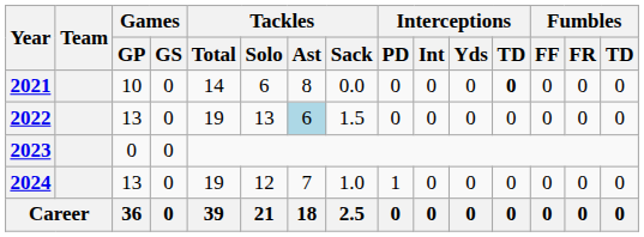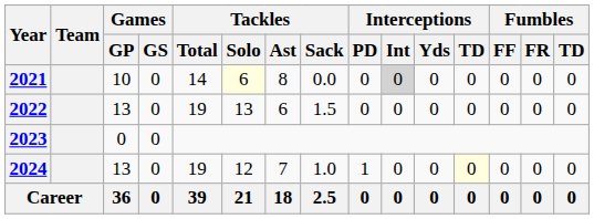 <table class="wikitable" style="text-align:center;">
 <tr>
 <th rowspan="2">Year</th>
 <th rowspan="2">Team</th>
 <th colspan="2">Games</th>
 <th colspan="4">Tackles</th>
 <th colspan="4">Interceptions</th>
 <th colspan="3">Fumbles</th>
 </tr>
 <tr>
 <th>GP</th>
 <th>GS</th>
 <th>Total</th>
 <th>Solo</th>
 <th>Ast</th>
 <th>Sack</th>
 <th>PD</th>
 <th>Int</th>
 <th>Yds</th>
 <th>TD</th>
 <th>FF</th>
 <th>FR</th>
 <th>TD</th>
 </tr>
 <tr>
 <th><a href='#'>2021</a></th>
 <th><a href='#'></a></th>
 <td>10</td>
 <td>0</td>
 <td>14</td>
-<td>6</td>
+<td style="background: lightyellow;">6</td>
 <td>8</td>
 <td>0.0</td>
 <td>0</td>
+<td style="background: lightgrey;">0</td>
 <td>0</td>
 <td>0</td>
-<td><strong>0</strong></td>
 <td>0</td>
 <td>0</td>
 <td>0</td>
 </tr>
 <tr>
 <th><a href='#'>2022</a></th>
 <th><a href='#'></a></th>
 <td>13</td>
 <td>0</td>
 <td>19</td>
 <td>13</td>
-<td style="background: lightblue;">6</td>
+<td>6</td>
 <td>1.5</td>
 <td>0</td>
 <td>0</td>
 <td>0</td>
 <td>0</td>
 <td>0</td>
 <td>0</td>
 <td>0</td>
 </tr>
 <tr>
 <th><a href='#'>2023</a></th>
 <th><a href='#'></a></th>
 <td>0</td>
 <td>0</td>
 <td colspan="11"></td>
 </tr>
 <tr>
 <th><a href='#'>2024</a></th>
 <th><a href='#'></a></th>
 <td>13</td>
 <td>0</td>
 <td>19</td>
 <td>12</td>
 <td>7</td>
 <td>1.0</td>
 <td>1</td>
 <td>0</td>
 <td>0</td>
-<td>0</td>
+<td style="background: lightyellow;">0</td>
 <td>0</td>
 <td>0</td>
 <td>0</td>
 </tr>
 <tr>
 <th align=center colspan="2">Career</th>
 <th>36</th>
 <th>0</th>
 <th>39</th>
 <th>21</th>
 <th>18</th>
 <th>2.5</th>
 <th>0</th>
 <th>0</th>
 <th>0</th>
 <th>0</th>
 <th>0</th>
 <th>0</th>
 <th>0</th>
 </tr>
 </table>
